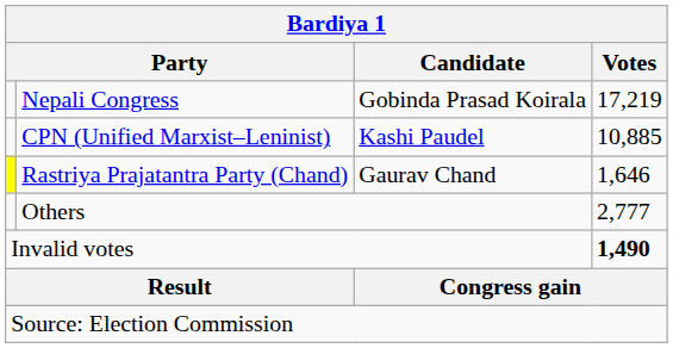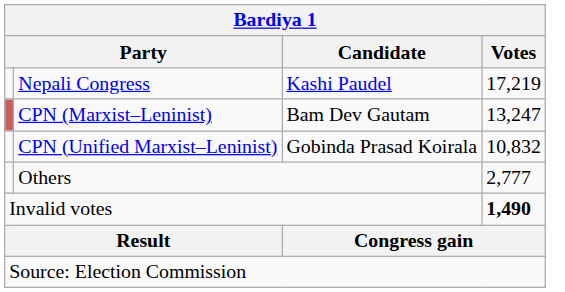 <table class="wikitable">
 <tr>
 <th colspan="4"><a href='#'>Bardiya 1</a></th>
 </tr>
 <tr>
 <th colspan="2">Party</th>
 <th>Candidate</th>
 <th>Votes</th>
 </tr>
 <tr>
 <td style="background-color:"></td>
 <td><a href='#'>Nepali Congress</a></td>
-<td>Gobinda Prasad Koirala</td>
+<td><a href='#'>Kashi Paudel</a></td>
 <td>17,219</td>
+</tr>
+<tr>
+<td style="background-color:indianred"></td>
+<td><a href='#'>CPN (Marxist–Leninist)</a></td>
+<td>Bam Dev Gautam</td>
+<td>13,247</td>
 </tr>
 <tr>
 <td style="background-color:"></td>
 <td><a href='#'>CPN (Unified Marxist–Leninist)</a></td>
-<td><a href='#'>Kashi Paudel</a></td>
-<td>10,885</td>
-</tr>
-<tr>
-<td style="background-color:yellow"></td>
-<td><a href='#'>Rastriya Prajatantra Party (Chand)</a></td>
-<td>Gaurav Chand</td>
-<td>1,646</td>
+<td>Gobinda Prasad Koirala</td>
+<td>10,832</td>
 </tr>
 <tr>
 <td></td>
 <td colspan="2">Others</td>
 <td>2,777</td>
 </tr>
 <tr>
 <td colspan="3">Invalid votes</td>
 <td><strong>1,490</strong></td>
 </tr>
 <tr>
 <th colspan="2">Result</th>
 <th colspan="2">Congress gain</th>
 </tr>
 <tr>
 <td colspan="4">Source: Election Commission</td>
 </tr>
 </table>
